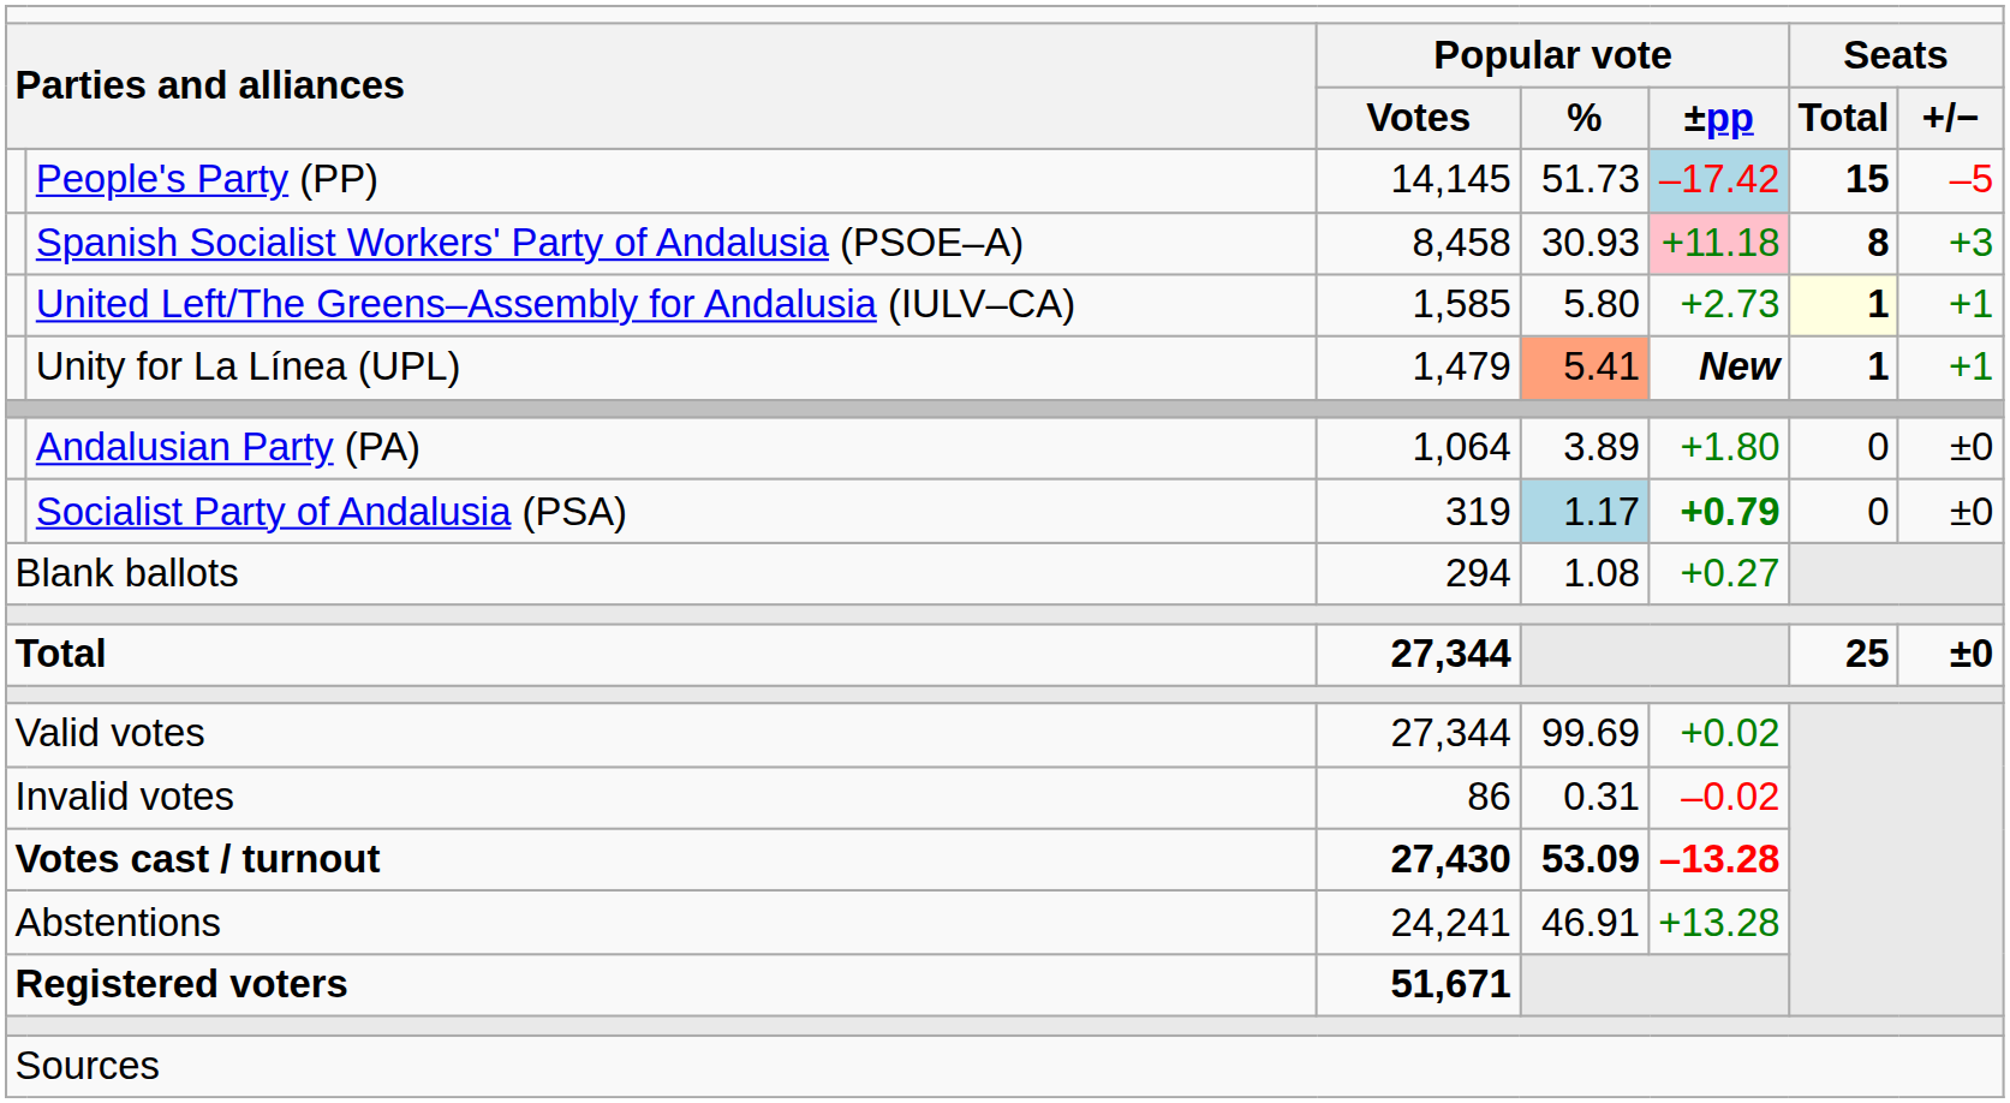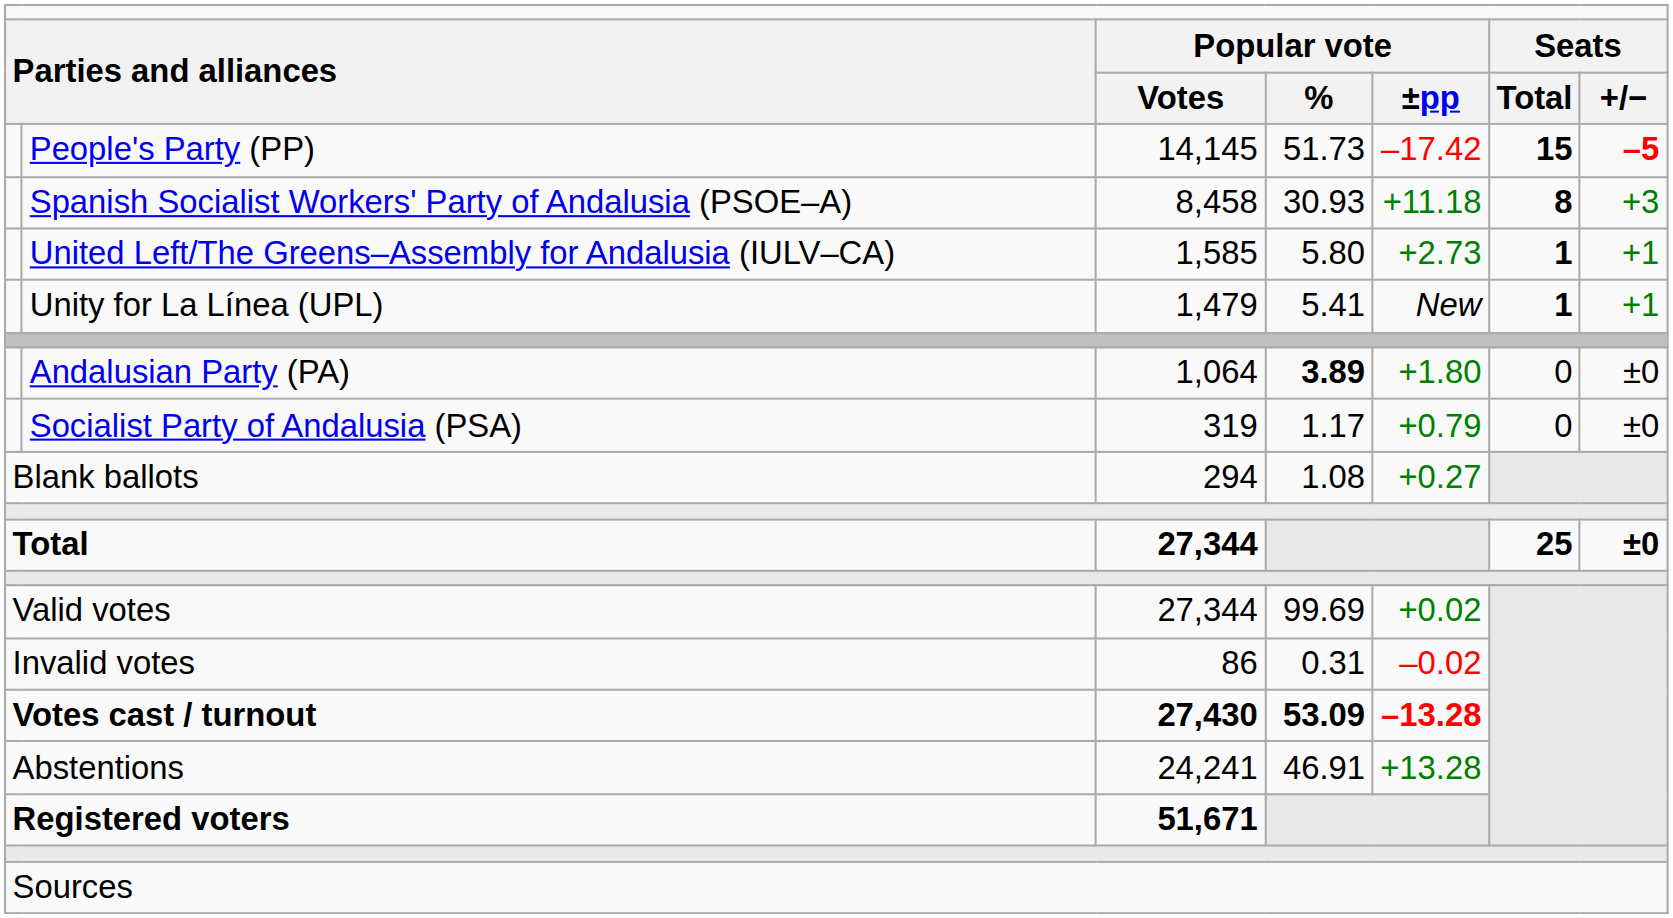 <table class="wikitable" style="text-align:right;">
 <tr>
 <td colspan="7"></td>
 </tr>
 <tr>
 <th style="text-align:left;" rowspan="2" colspan="2" width="525">Parties and alliances</th>
 <th colspan="3">Popular vote</th>
 <th colspan="2">Seats</th>
 </tr>
 <tr>
 <th width="75">Votes</th>
 <th width="45">%</th>
 <th width="45">±<a href='#'>pp</a></th>
 <th width="35">Total</th>
 <th width="35">+/−</th>
 </tr>
 <tr>
 <td width="1" style="color:inherit;background:"></td>
 <td align="left"><a href='#'>People's Party</a> (PP)</td>
 <td>14,145</td>
 <td>51.73</td>
-<td style="background: lightblue; color:red;">–17.42</td>
+<td style="color:red;">–17.42</td>
 <td><strong>15</strong></td>
-<td style="color:red;">–5</td>
+<td style="color:red;"><strong>–5</strong></td>
 </tr>
 <tr>
 <td style="color:inherit;background:"></td>
 <td align="left"><a href='#'>Spanish Socialist Workers' Party of Andalusia</a> (PSOE–A)</td>
 <td>8,458</td>
 <td>30.93</td>
-<td style="background: pink; color:green;">+11.18</td>
+<td style="color:green;">+11.18</td>
 <td><strong>8</strong></td>
 <td style="color:green;">+3</td>
 </tr>
 <tr>
 <td style="color:inherit;background:"></td>
 <td align="left"><a href='#'>United Left/The Greens–Assembly for Andalusia</a> (IULV–CA)</td>
 <td>1,585</td>
 <td>5.80</td>
 <td style="color:green;">+2.73</td>
-<td style="background: lightyellow;"><strong>1</strong></td>
+<td><strong>1</strong></td>
 <td style="color:green;">+1</td>
 </tr>
 <tr>
 <td style="color:inherit;background:"></td>
 <td align="left">Unity for La Línea (UPL)</td>
 <td>1,479</td>
-<td style="background: lightsalmon;">5.41</td>
-<td><strong><em>New</em></strong></td>
+<td>5.41</td>
+<td><em>New</em></td>
 <td><strong>1</strong></td>
 <td style="color:green;">+1</td>
 </tr>
 <tr>
 <td colspan="7" bgcolor="#C0C0C0"></td>
 </tr>
 <tr>
 <td style="color:inherit;background:"></td>
 <td align="left"><a href='#'>Andalusian Party</a> (PA)</td>
 <td>1,064</td>
-<td>3.89</td>
+<td><strong>3.89</strong></td>
 <td style="color:green;">+1.80</td>
 <td>0</td>
 <td>±0</td>
 </tr>
 <tr>
 <td style="color:inherit;background:"></td>
 <td align="left"><a href='#'>Socialist Party of Andalusia</a> (PSA)</td>
 <td>319</td>
-<td style="background: lightblue;">1.17</td>
-<td style="color:green;"><strong>+0.79</strong></td>
+<td>1.17</td>
+<td style="color:green;">+0.79</td>
 <td>0</td>
 <td>±0</td>
 </tr>
 <tr>
 <td align="left" colspan="2">Blank ballots</td>
 <td>294</td>
 <td>1.08</td>
 <td style="color:green;">+0.27</td>
 <td bgcolor="#E9E9E9" colspan="2"></td>
 </tr>
 <tr>
 <td colspan="7" bgcolor="#E9E9E9"></td>
 </tr>
 <tr style="font-weight:bold;">
 <td align="left" colspan="2">Total</td>
 <td>27,344</td>
 <td bgcolor="#E9E9E9" colspan="2"></td>
 <td>25</td>
 <td>±0</td>
 </tr>
 <tr>
 <td colspan="7" bgcolor="#E9E9E9"></td>
 </tr>
 <tr>
 <td align="left" colspan="2">Valid votes</td>
 <td>27,344</td>
 <td>99.69</td>
 <td style="color:green;">+0.02</td>
 <td bgcolor="#E9E9E9" colspan="2" rowspan="5"></td>
 </tr>
 <tr>
 <td align="left" colspan="2">Invalid votes</td>
 <td>86</td>
 <td>0.31</td>
 <td style="color:red;">–0.02</td>
 </tr>
 <tr style="font-weight:bold;">
 <td align="left" colspan="2">Votes cast / turnout</td>
 <td>27,430</td>
 <td>53.09</td>
 <td style="color:red;">–13.28</td>
 </tr>
 <tr>
 <td align="left" colspan="2">Abstentions</td>
 <td>24,241</td>
 <td>46.91</td>
 <td style="color:green;">+13.28</td>
 </tr>
 <tr style="font-weight:bold;">
 <td align="left" colspan="2">Registered voters</td>
 <td>51,671</td>
 <td bgcolor="#E9E9E9" colspan="2"></td>
 </tr>
 <tr>
 <td colspan="7" bgcolor="#E9E9E9"></td>
 </tr>
 <tr>
 <td align="left" colspan="7">Sources</td>
 </tr>
 </table>
